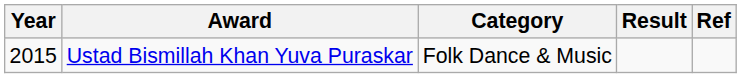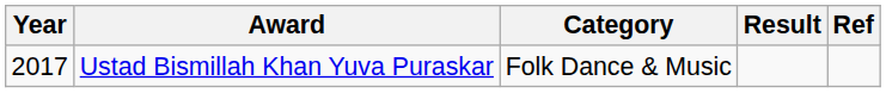 <table class="wikitable sortable">
 <tr>
 <th>Year</th>
 <th>Award</th>
 <th>Category</th>
 <th>Result</th>
 <th>Ref</th>
 </tr>
 <tr>
-<td>2015</td>
+<td>2017</td>
 <td><a href='#'>Ustad Bismillah Khan Yuva Puraskar</a></td>
 <td>Folk Dance & Music</td>
 <td></td>
 <td style="text-align: center;"></td>
 </tr>
 </table>
